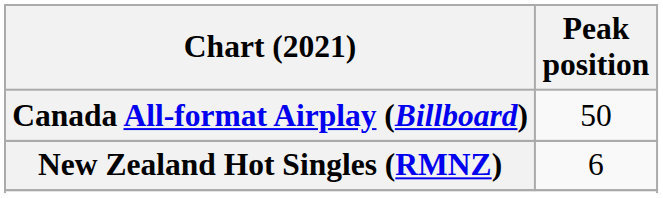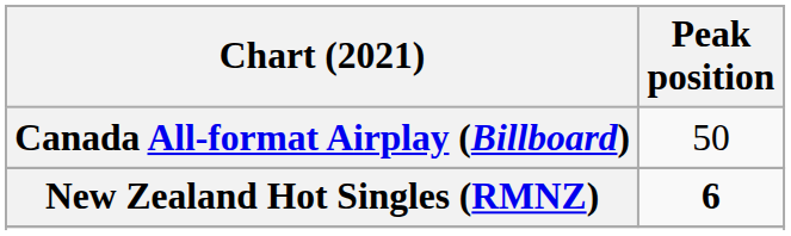 <table class="wikitable sortable plainrowheaders" style="text-align:center">
 <tr>
 <th scope="col">Chart (2021)</th>
 <th scope="col">Peak<br>position</th>
 </tr>
 <tr>
 <th scope="row">Canada <a href='#'>All-format Airplay</a> (<em><a href='#'>Billboard</a></em>)</th>
 <td>50</td>
 </tr>
 <tr>
 </tr>
 <tr>
 </tr>
 <tr>
 <th scope="row">New Zealand Hot Singles (<a href='#'>RMNZ</a>)</th>
-<td>6</td>
+<td><strong>6</strong></td>
 </tr>
 <tr>
 </tr>
 <tr>
 </tr>
 <tr>
 </tr>
 <tr>
 </tr>
 </table>
